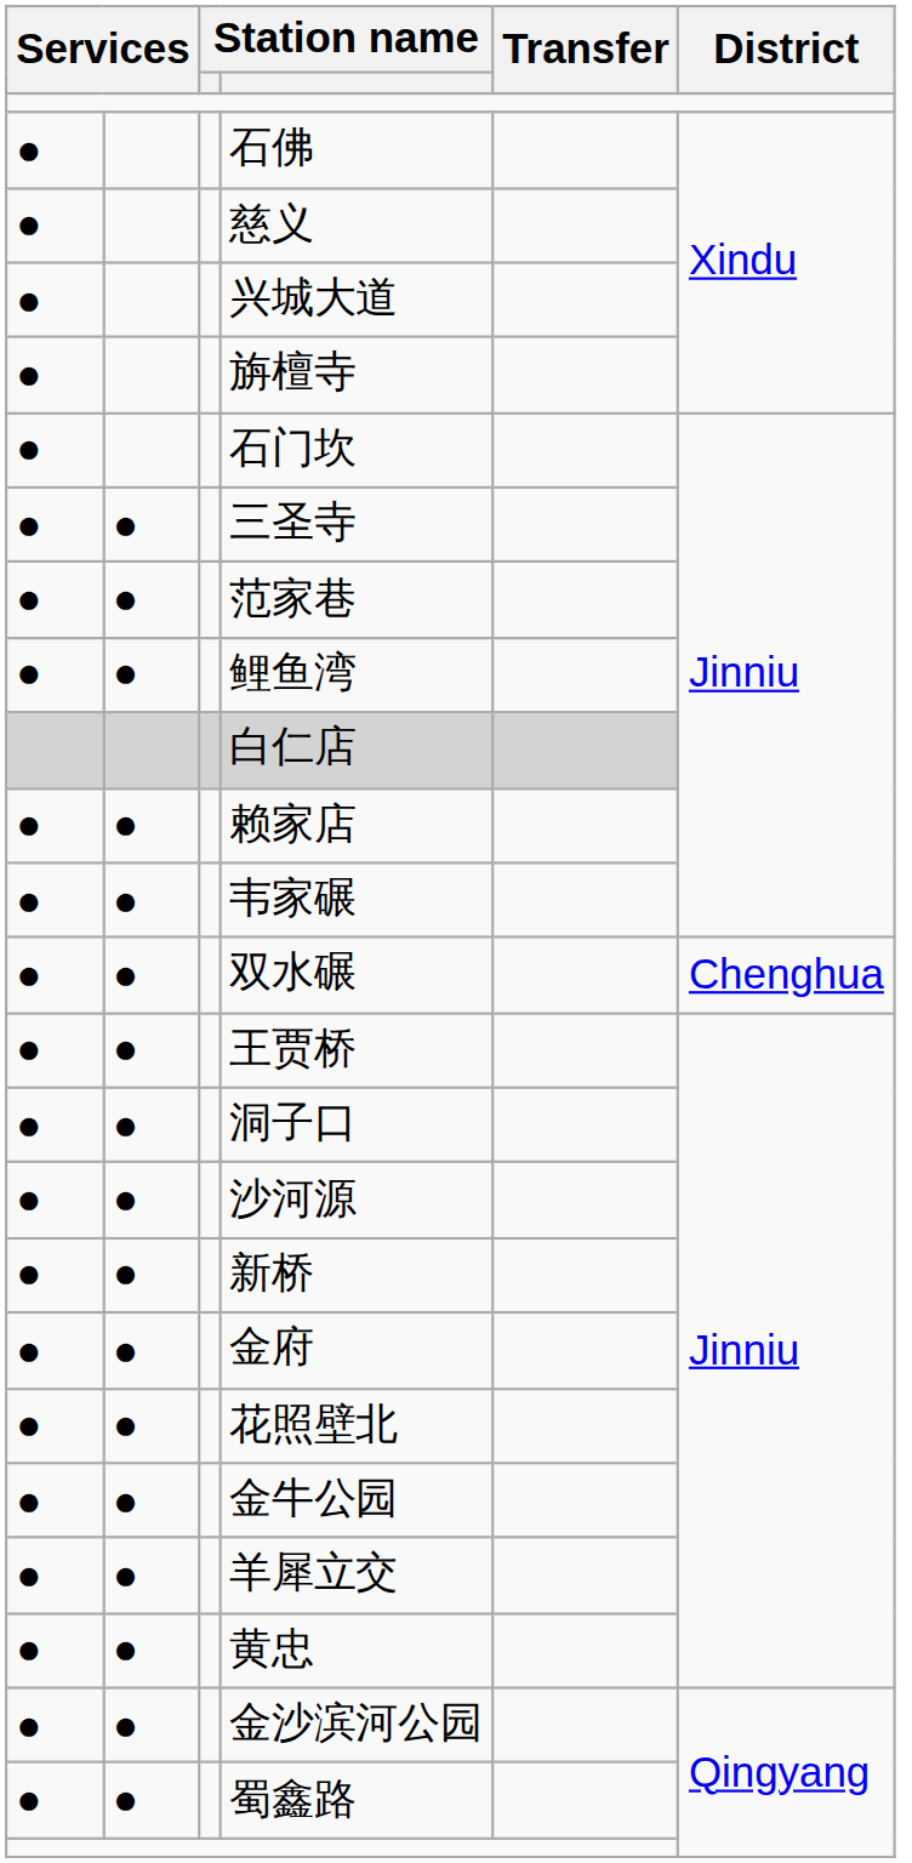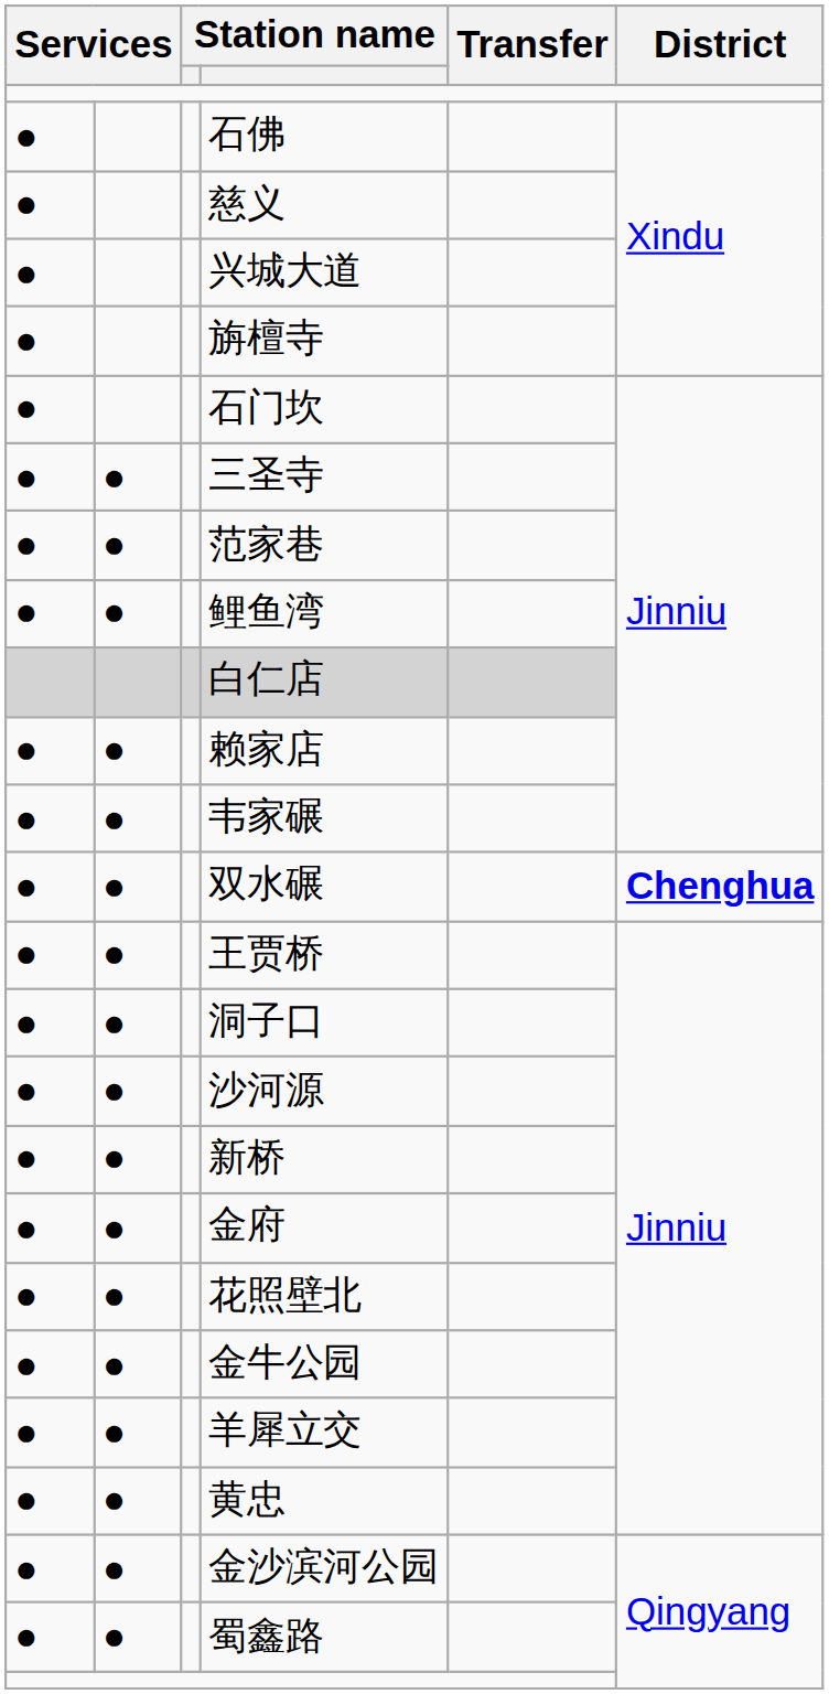 <table class="wikitable" text-align: center;">
 <tr>
 <th colspan="2" rowspan="2">Services</th>
 <th colspan="2">Station name</th>
 <th rowspan=2>Transfer</th>
 <th rowspan=2>District</th>
 </tr>
 <tr>
 <th></th>
 <th></th>
 </tr>
 <tr style="background:#">
 <td colspan = "9"></td>
 </tr>
 <tr>
 <td>●</td>
 <td></td>
 <td></td>
 <td>石佛</td>
 <td></td>
 <td rowspan="4"><a href='#'>Xindu</a></td>
 </tr>
 <tr>
 <td>●</td>
 <td></td>
 <td></td>
 <td>慈义</td>
 <td></td>
 </tr>
 <tr>
 <td>●</td>
 <td></td>
 <td></td>
 <td>兴城大道</td>
 <td></td>
 </tr>
 <tr>
 <td>●</td>
 <td></td>
 <td></td>
 <td>旃檀寺</td>
 <td></td>
 </tr>
 <tr>
 <td>●</td>
 <td></td>
 <td></td>
 <td>石门坎</td>
 <td></td>
 <td rowspan="7"><a href='#'>Jinniu</a></td>
 </tr>
 <tr>
 <td>●</td>
 <td>●</td>
 <td></td>
 <td>三圣寺</td>
 <td></td>
 </tr>
 <tr>
 <td>●</td>
 <td>●</td>
 <td></td>
 <td>范家巷</td>
 <td></td>
 </tr>
 <tr>
 <td>●</td>
 <td>●</td>
 <td></td>
 <td>鲤鱼湾</td>
 <td></td>
 </tr>
 <tr bgcolor="lightgrey">
 <td></td>
 <td></td>
 <td></td>
 <td>白仁店</td>
 <td></td>
 </tr>
 <tr>
 <td>●</td>
 <td>●</td>
 <td></td>
 <td>赖家店</td>
 <td></td>
 </tr>
 <tr>
 <td>●</td>
 <td>●</td>
 <td></td>
 <td>韦家碾</td>
 <td></td>
 </tr>
 <tr>
 <td>●</td>
 <td>●</td>
 <td></td>
 <td>双水碾</td>
 <td></td>
-<td rowspan="1"><a href='#'>Chenghua</a></td>
+<td rowspan="1"><strong><a href='#'>Chenghua</a></strong></td>
 </tr>
 <tr>
 <td>●</td>
 <td>●</td>
 <td></td>
 <td>王贾桥</td>
 <td></td>
 <td rowspan="9"><a href='#'>Jinniu</a></td>
 </tr>
 <tr>
 <td>●</td>
 <td>●</td>
 <td></td>
 <td>洞子口</td>
 <td></td>
 </tr>
 <tr>
 <td>●</td>
 <td>●</td>
 <td></td>
 <td>沙河源</td>
 <td></td>
 </tr>
 <tr>
 <td>●</td>
 <td>●</td>
 <td></td>
 <td>新桥</td>
 <td></td>
 </tr>
 <tr>
 <td>●</td>
 <td>●</td>
 <td></td>
 <td>金府</td>
 <td></td>
 </tr>
 <tr>
 <td>●</td>
 <td>●</td>
 <td></td>
 <td>花照壁北</td>
 <td></td>
 </tr>
 <tr>
 <td>●</td>
 <td>●</td>
 <td></td>
 <td>金牛公园</td>
 <td></td>
 </tr>
 <tr>
 <td>●</td>
 <td>●</td>
 <td></td>
 <td>羊犀立交</td>
 <td></td>
 </tr>
 <tr>
 <td>●</td>
 <td>●</td>
 <td></td>
 <td>黄忠</td>
 <td></td>
 </tr>
 <tr>
 <td>●</td>
 <td>●</td>
 <td></td>
 <td>金沙滨河公园</td>
 <td></td>
 <td rowspan="9"><a href='#'>Qingyang</a></td>
 </tr>
 <tr>
 <td>●</td>
 <td>●</td>
 <td></td>
 <td>蜀鑫路</td>
 <td></td>
 </tr>
 <tr style="background:#">
 <td colspan = "9"></td>
 </tr>
 <tr>
 </tr>
 </table>
